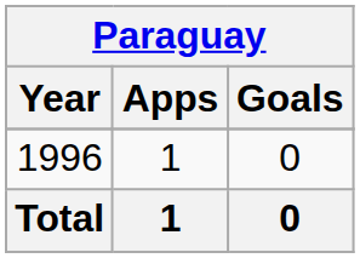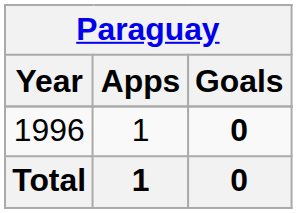 <table class="wikitable" style="text-align:center">
 <tr>
 <th colspan=3><a href='#'>Paraguay</a></th>
 </tr>
 <tr>
 <th>Year</th>
 <th>Apps</th>
 <th>Goals</th>
 </tr>
 <tr>
 </tr>
 <tr>
 <td>1996</td>
 <td>1</td>
-<td>0</td>
+<td><strong>0</strong></td>
 </tr>
 <tr>
 <th>Total</th>
 <th>1</th>
 <th>0</th>
 </tr>
 </table>
